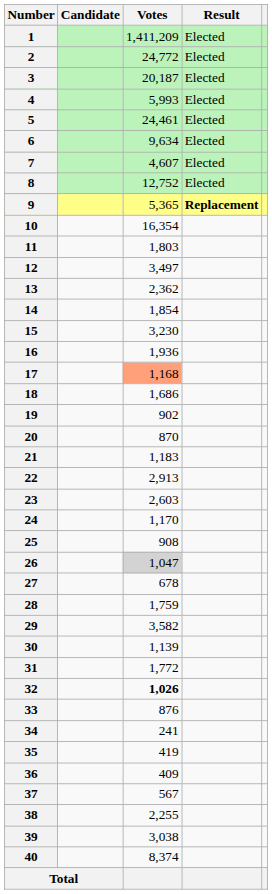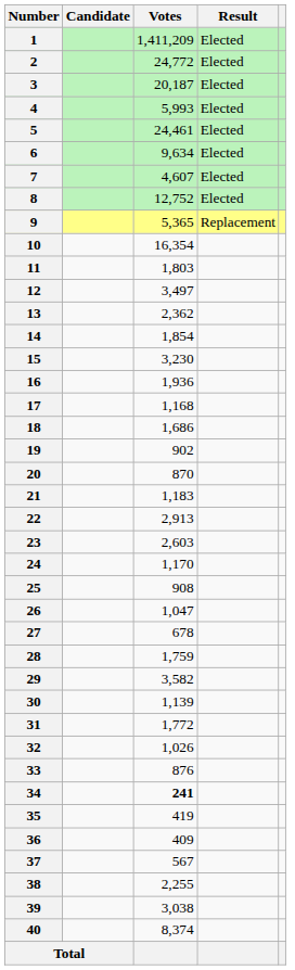 <table class="wikitable sortable">
 <tr>
 <th scope="col">Number</th>
 <th scope="col">Candidate</th>
 <th scope="col">Votes</th>
 <th scope="col">Result</th>
 <th scope="col" class="unsortable"></th>
 </tr>
 <tr bgcolor=bbf3bb>
 <th scope="row">1</th>
 <td></td>
 <td style="text-align:right">1,411,209</td>
 <td>Elected</td>
 <td></td>
 </tr>
 <tr bgcolor=bbf3bb>
 <th scope="row">2</th>
 <td></td>
 <td style="text-align:right">24,772</td>
 <td>Elected</td>
 <td></td>
 </tr>
 <tr bgcolor=bbf3bb>
 <th scope="row">3</th>
 <td></td>
 <td style="text-align:right">20,187</td>
 <td>Elected</td>
 <td></td>
 </tr>
 <tr bgcolor=bbf3bb>
 <th scope="row">4</th>
 <td></td>
 <td style="text-align:right">5,993</td>
 <td>Elected</td>
 <td></td>
 </tr>
 <tr bgcolor=bbf3bb>
 <th scope="row">5</th>
 <td></td>
 <td style="text-align:right">24,461</td>
 <td>Elected</td>
 <td></td>
 </tr>
 <tr bgcolor=bbf3bb>
 <th scope="row">6</th>
 <td></td>
 <td style="text-align:right">9,634</td>
 <td>Elected</td>
 <td></td>
 </tr>
 <tr bgcolor=bbf3bb>
 <th scope="row">7</th>
 <td></td>
 <td style="text-align:right">4,607</td>
 <td>Elected</td>
 <td></td>
 </tr>
 <tr bgcolor=bbf3bb>
 <th scope="row">8</th>
 <td></td>
 <td style="text-align:right">12,752</td>
 <td>Elected</td>
 <td></td>
 </tr>
 <tr bgcolor=#FF8>
 <th scope="row">9</th>
 <td></td>
 <td style="text-align:right">5,365</td>
-<td><strong>Replacement</strong></td>
+<td>Replacement</td>
 <td></td>
 </tr>
 <tr>
 <th scope="row">10</th>
 <td></td>
 <td style="text-align:right">16,354</td>
 <td></td>
 <td></td>
 </tr>
 <tr>
 <th scope="row">11</th>
 <td></td>
 <td style="text-align:right">1,803</td>
 <td></td>
 <td></td>
 </tr>
 <tr>
 <th scope="row">12</th>
 <td></td>
 <td style="text-align:right">3,497</td>
 <td></td>
 <td></td>
 </tr>
 <tr>
 <th scope="row">13</th>
 <td></td>
 <td style="text-align:right">2,362</td>
 <td></td>
 <td></td>
 </tr>
 <tr>
 <th scope="row">14</th>
 <td></td>
 <td style="text-align:right">1,854</td>
 <td></td>
 <td></td>
 </tr>
 <tr>
 <th scope="row">15</th>
 <td></td>
 <td style="text-align:right">3,230</td>
 <td></td>
 <td></td>
 </tr>
 <tr>
 <th scope="row">16</th>
 <td></td>
 <td style="text-align:right">1,936</td>
 <td></td>
 <td></td>
 </tr>
 <tr>
 <th scope="row">17</th>
 <td></td>
-<td style="background: lightsalmon; text-align:right">1,168</td>
+<td style="text-align:right">1,168</td>
 <td></td>
 <td></td>
 </tr>
 <tr>
 <th scope="row">18</th>
 <td></td>
 <td style="text-align:right">1,686</td>
 <td></td>
 <td></td>
 </tr>
 <tr>
 <th scope="row">19</th>
 <td></td>
 <td style="text-align:right">902</td>
 <td></td>
 <td></td>
 </tr>
 <tr>
 <th scope="row">20</th>
 <td></td>
 <td style="text-align:right">870</td>
 <td></td>
 <td></td>
 </tr>
 <tr>
 <th scope="row">21</th>
 <td></td>
 <td style="text-align:right">1,183</td>
 <td></td>
 <td></td>
 </tr>
 <tr>
 <th scope="row">22</th>
 <td></td>
 <td style="text-align:right">2,913</td>
 <td></td>
 <td></td>
 </tr>
 <tr>
 <th scope="row">23</th>
 <td></td>
 <td style="text-align:right">2,603</td>
 <td></td>
 <td></td>
 </tr>
 <tr>
 <th scope="row">24</th>
 <td></td>
 <td style="text-align:right">1,170</td>
 <td></td>
 <td></td>
 </tr>
 <tr>
 <th scope="row">25</th>
 <td></td>
 <td style="text-align:right">908</td>
 <td></td>
 <td></td>
 </tr>
 <tr>
 <th scope="row">26</th>
 <td></td>
-<td style="background: lightgrey; text-align:right">1,047</td>
+<td style="text-align:right">1,047</td>
 <td></td>
 <td></td>
 </tr>
 <tr>
 <th scope="row">27</th>
 <td></td>
 <td style="text-align:right">678</td>
 <td></td>
 <td></td>
 </tr>
 <tr>
 <th scope="row">28</th>
 <td></td>
 <td style="text-align:right">1,759</td>
 <td></td>
 <td></td>
 </tr>
 <tr>
 <th scope="row">29</th>
 <td></td>
 <td style="text-align:right">3,582</td>
 <td></td>
 <td></td>
 </tr>
 <tr>
 <th scope="row">30</th>
 <td></td>
 <td style="text-align:right">1,139</td>
 <td></td>
 <td></td>
 </tr>
 <tr>
 <th scope="row">31</th>
 <td></td>
 <td style="text-align:right">1,772</td>
 <td></td>
 <td></td>
 </tr>
 <tr>
 <th scope="row">32</th>
 <td></td>
-<td style="text-align:right"><strong>1,026</strong></td>
+<td style="text-align:right">1,026</td>
 <td></td>
 <td></td>
 </tr>
 <tr>
 <th scope="row">33</th>
 <td></td>
 <td style="text-align:right">876</td>
 <td></td>
 <td></td>
 </tr>
 <tr>
 <th scope="row">34</th>
 <td></td>
-<td style="text-align:right">241</td>
+<td style="text-align:right"><strong>241</strong></td>
 <td></td>
 <td></td>
 </tr>
 <tr>
 <th scope="row">35</th>
 <td></td>
 <td style="text-align:right">419</td>
 <td></td>
 <td></td>
 </tr>
 <tr>
 <th scope="row">36</th>
 <td></td>
 <td style="text-align:right">409</td>
 <td></td>
 <td></td>
 </tr>
 <tr>
 <th scope="row">37</th>
 <td></td>
 <td style="text-align:right">567</td>
 <td></td>
 <td></td>
 </tr>
 <tr>
 <th scope="row">38</th>
 <td></td>
 <td style="text-align:right">2,255</td>
 <td></td>
 <td></td>
 </tr>
 <tr>
 <th scope="row">39</th>
 <td></td>
 <td style="text-align:right">3,038</td>
 <td></td>
 <td></td>
 </tr>
 <tr>
 <th scope="row">40</th>
 <td></td>
 <td style="text-align:right">8,374</td>
 <td></td>
 <td></td>
 </tr>
 <tr class="sortbottom">
 <th scope="row" colspan="2">Total</th>
 <th style="text-align:right"></th>
 <th></th>
 <th></th>
 </tr>
 </table>
